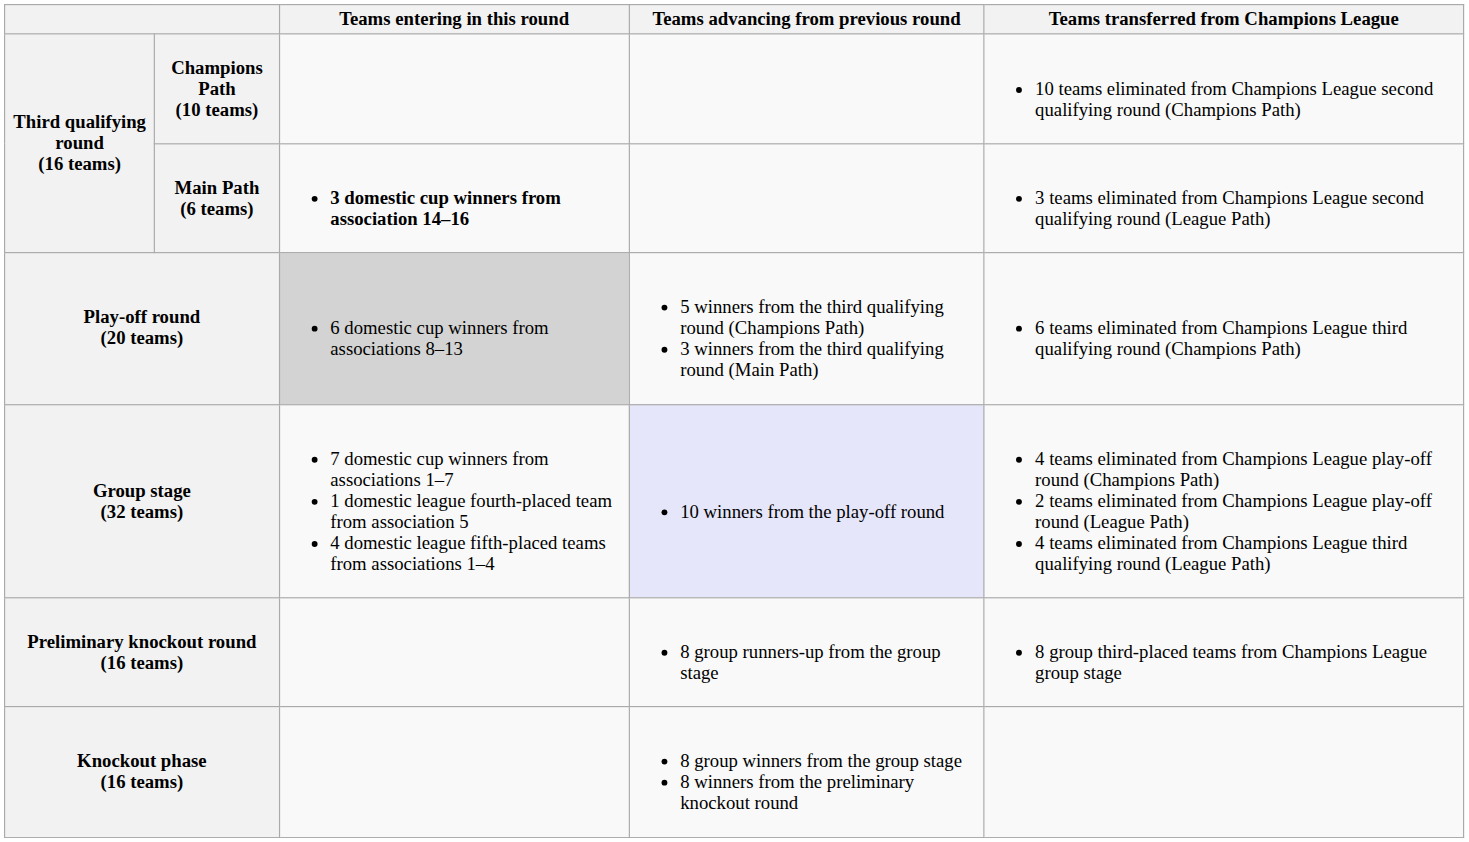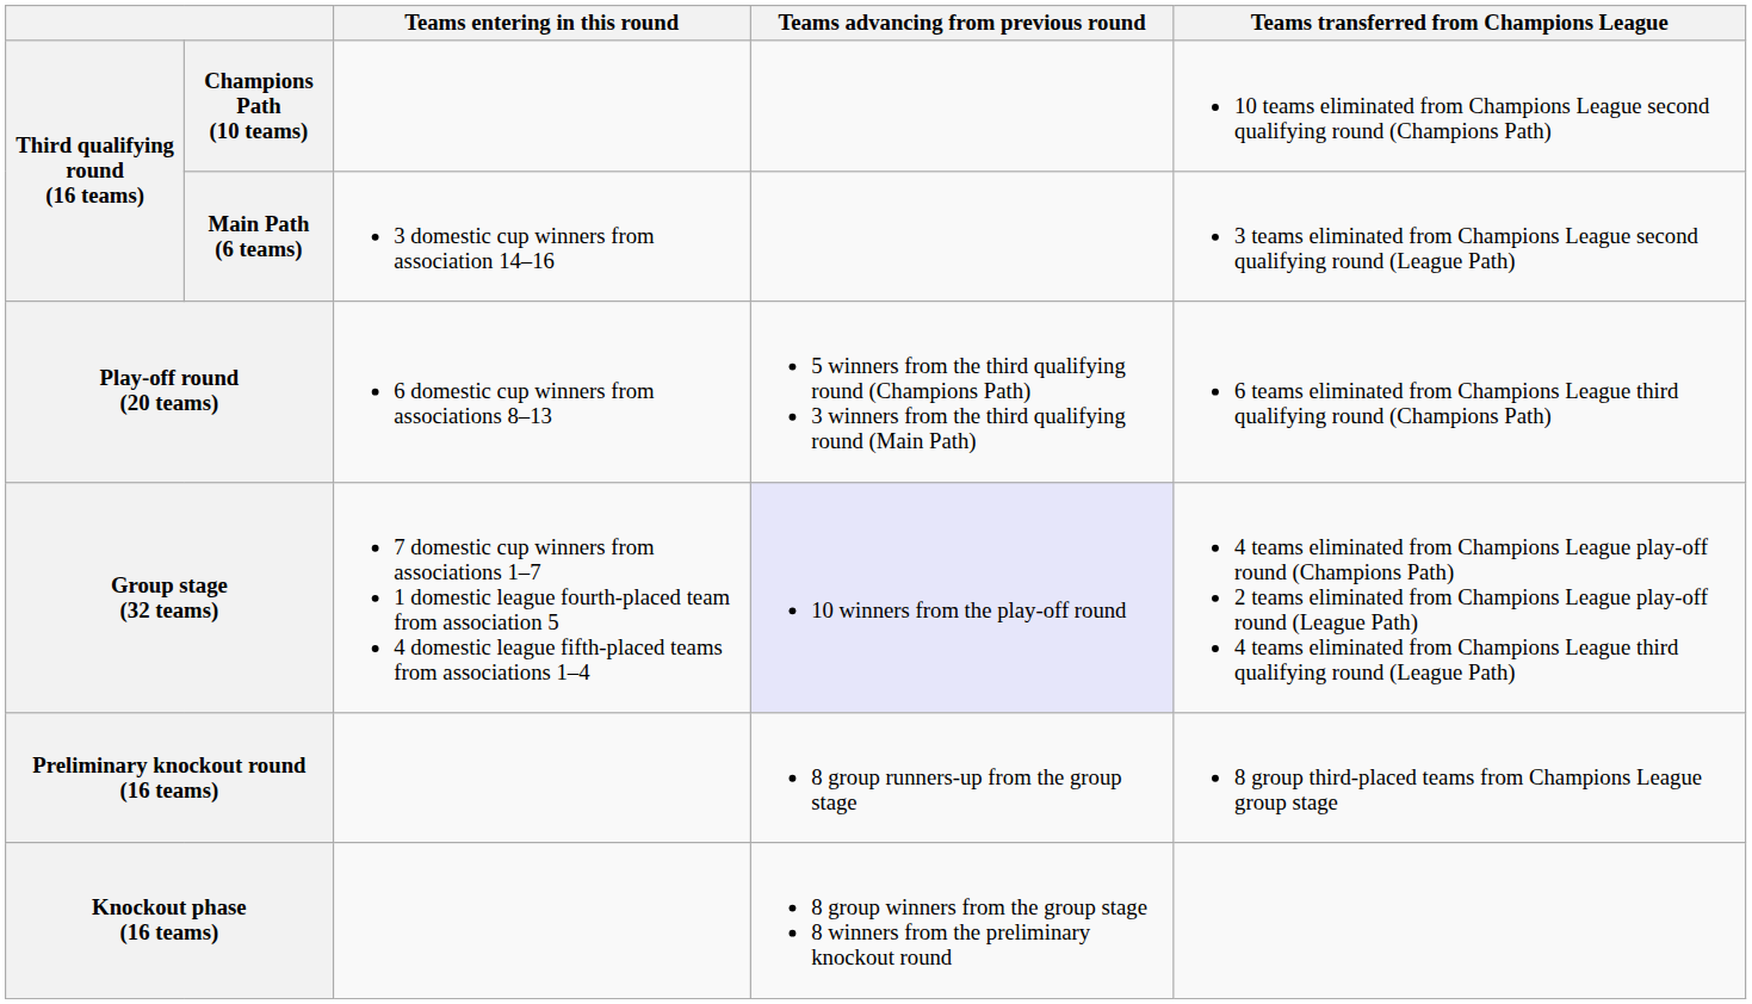 <table class="wikitable">
 <tr>
 <th colspan=2></th>
 <th>Teams entering in this round</th>
 <th>Teams advancing from previous round</th>
 <th>Teams transferred from Champions League</th>
 </tr>
 <tr>
 <th rowspan=2>Third qualifying round<br>(16 teams)</th>
 <th>Champions Path<br>(10 teams)</th>
 <td></td>
 <td></td>
 <td><br><ul><li>10 teams eliminated from Champions League second qualifying round (Champions Path)</li></ul></td>
 </tr>
 <tr>
 <th>Main Path<br>(6 teams)</th>
-<td><strong><br><ul><li>3 domestic cup winners from association 14–16</li></ul></strong></td>
+<td><br><ul><li>3 domestic cup winners from association 14–16</li></ul></td>
 <td></td>
 <td><br><ul><li>3 teams eliminated from Champions League second qualifying round (League Path)</li></ul></td>
 </tr>
 <tr>
 <th colspan=2>Play-off round<br>(20 teams)</th>
-<td style="background: lightgrey;"><br><ul><li>6 domestic cup winners from associations 8–13</li></ul></td>
+<td><br><ul><li>6 domestic cup winners from associations 8–13</li></ul></td>
 <td><br><ul><li>5 winners from the third qualifying round (Champions Path)</li><li>3 winners from the third qualifying round (Main Path)</li></ul></td>
 <td><br><ul><li>6 teams eliminated from Champions League third qualifying round (Champions Path)</li></ul></td>
 </tr>
 <tr>
 <th colspan=2>Group stage<br>(32 teams)</th>
 <td><br><ul><li>7 domestic cup winners from associations 1–7</li><li>1 domestic league fourth-placed team from association 5</li><li>4 domestic league fifth-placed teams from associations 1–4</li></ul></td>
 <td style="background: lavender;"><br><ul><li>10 winners from the play-off round</li></ul></td>
 <td><br><ul><li>4 teams eliminated from Champions League play-off round (Champions Path)</li><li>2 teams eliminated from Champions League play-off round (League Path)</li><li>4 teams eliminated from Champions League third qualifying round (League Path)</li></ul></td>
 </tr>
 <tr>
 <th colspan=2>Preliminary knockout round<br>(16 teams)</th>
 <td></td>
 <td><br><ul><li>8 group runners-up from the group stage</li></ul></td>
 <td><br><ul><li>8 group third-placed teams from Champions League group stage</li></ul></td>
 </tr>
 <tr>
 <th colspan=2>Knockout phase<br>(16 teams)</th>
 <td></td>
 <td><br><ul><li>8 group winners from the group stage</li><li>8 winners from the preliminary knockout round</li></ul></td>
 <td></td>
 </tr>
 </table>
